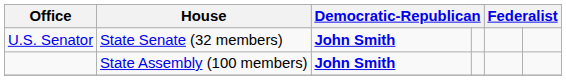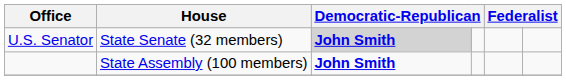 <table class=wikitable>
 <tr bgcolor=lightgrey>
 <th>Office</th>
 <th>House</th>
 <th colspan="2"><a href='#'>Democratic-Republican</a></th>
 <th colspan="2"><a href='#'>Federalist</a></th>
 </tr>
 <tr>
 <td><a href='#'>U.S. Senator</a></td>
 <td><a href='#'>State Senate</a> (32 members)</td>
-<td><strong><a href='#'>John Smith</a></strong></td>
+<td style="background: lightgrey;"><strong><a href='#'>John Smith</a></strong></td>
 <td align="right"></td>
 <td></td>
 <td align="right"></td>
 </tr>
 <tr>
 <td></td>
 <td><a href='#'>State Assembly</a> (100 members)</td>
 <td><strong><a href='#'>John Smith</a></strong></td>
 <td align="right"></td>
 <td></td>
 <td align="right"></td>
 </tr>
 <tr>
 </tr>
 </table>
